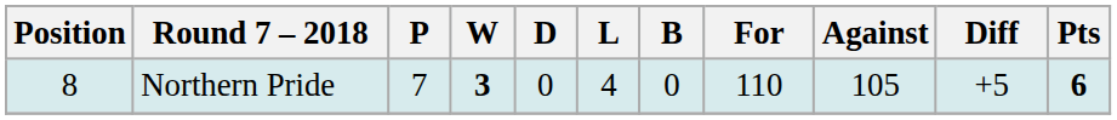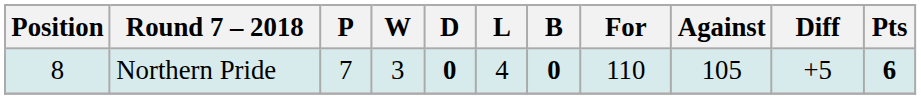 <table class="wikitable" style="text-align:center; font-size:85%;">
 <tr style="background: #d7ebed;">
 <th width="40" abbr="Position">Position</th>
 <th width="100">Round 7 – 2018</th>
 <th width="20" abbr="Played">P</th>
 <th width="20" abbr="Won">W</th>
 <th width="20" abbr="Drawn">D</th>
 <th width="20" abbr="Lost">L</th>
 <th width="20" abbr="Bye">B</th>
 <th width="40" abbr="Points for">For</th>
 <th width="40" abbr="Points against">Against</th>
 <th width="40" abbr="Points difference">Diff</th>
 <th width=20 abbr="Points">Pts</th>
 </tr>
 <tr style="background: #d7ebed;">
 <td>8</td>
 <td style="text-align:left;"> Northern Pride</td>
 <td>7</td>
-<td><strong>3</strong></td>
-<td>0</td>
+<td>3</td>
+<td><strong>0</strong></td>
 <td>4</td>
-<td>0</td>
+<td><strong>0</strong></td>
 <td>110</td>
 <td>105</td>
 <td>+5</td>
 <td><strong>6</strong></td>
 </tr>
 <tr>
 </tr>
 </table>
